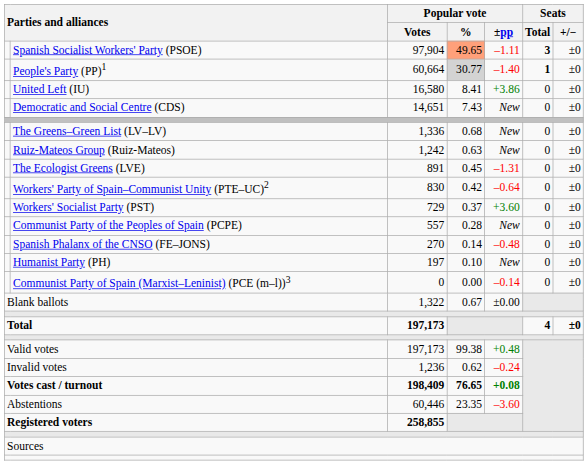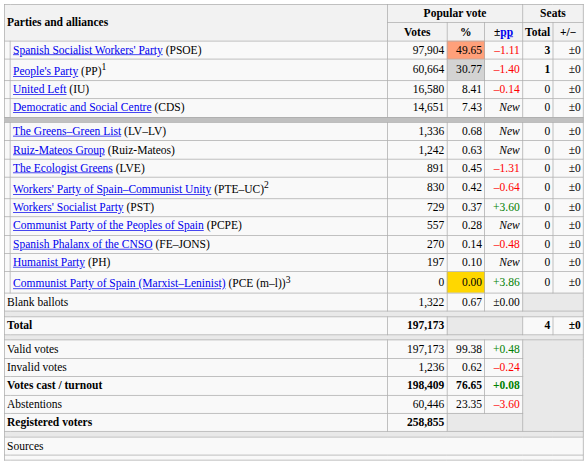 <table class="wikitable" style="text-align:right;">
 <tr>
 <th style="text-align:left;" rowspan="2" colspan="2" width="525">Parties and alliances</th>
 <th colspan="3">Popular vote</th>
 <th colspan="2">Seats</th>
 </tr>
 <tr>
 <th width="75">Votes</th>
 <th width="45">%</th>
 <th width="45">±<a href='#'>pp</a></th>
 <th width="35">Total</th>
 <th width="35">+/−</th>
 </tr>
 <tr>
 <td width="1" style="color:inherit;background:"></td>
 <td align="left"><a href='#'>Spanish Socialist Workers' Party</a> (PSOE)</td>
 <td>97,904</td>
 <td style="background: lightsalmon;">49.65</td>
 <td style="color:red;">–1.11</td>
 <td><strong>3</strong></td>
 <td>±0</td>
 </tr>
 <tr>
 <td style="color:inherit;background:"></td>
 <td align="left"><a href='#'>People's Party</a> (PP)<sup>1</sup></td>
 <td>60,664</td>
 <td style="background: lightgrey;">30.77</td>
 <td style="color:red;">–1.40</td>
 <td><strong>1</strong></td>
 <td>±0</td>
 </tr>
 <tr>
 <td style="color:inherit;background:"></td>
 <td align="left"><a href='#'>United Left</a> (IU)</td>
 <td>16,580</td>
 <td>8.41</td>
-<td style="color:green;">+3.86</td>
+<td style="color:red;">–0.14</td>
 <td>0</td>
 <td>±0</td>
 </tr>
 <tr>
 <td style="color:inherit;background:"></td>
 <td align="left"><a href='#'>Democratic and Social Centre</a> (CDS)</td>
 <td>14,651</td>
 <td>7.43</td>
 <td><em>New</em></td>
 <td>0</td>
 <td>±0</td>
 </tr>
 <tr>
 <td colspan="7" bgcolor="#C0C0C0"></td>
 </tr>
 <tr>
 <td style="color:inherit;background:"></td>
 <td align="left"><a href='#'>The Greens–Green List</a> (LV–LV)</td>
 <td>1,336</td>
 <td>0.68</td>
 <td><em>New</em></td>
 <td>0</td>
 <td>±0</td>
 </tr>
 <tr>
 <td style="color:inherit;background:"></td>
 <td align="left"><a href='#'>Ruiz-Mateos Group</a> (Ruiz-Mateos)</td>
 <td>1,242</td>
 <td>0.63</td>
 <td><em>New</em></td>
 <td>0</td>
 <td>±0</td>
 </tr>
 <tr>
 <td style="color:inherit;background:"></td>
 <td align="left"><a href='#'>The Ecologist Greens</a> (LVE)</td>
 <td>891</td>
 <td>0.45</td>
 <td style="color:red;">–1.31</td>
 <td>0</td>
 <td>±0</td>
 </tr>
 <tr>
 <td style="color:inherit;background:"></td>
 <td align="left"><a href='#'>Workers' Party of Spain–Communist Unity</a> (PTE–UC)<sup>2</sup></td>
 <td>830</td>
 <td>0.42</td>
 <td style="color:red;">–0.64</td>
 <td>0</td>
 <td>±0</td>
 </tr>
 <tr>
 <td style="color:inherit;background:"></td>
 <td align="left"><a href='#'>Workers' Socialist Party</a> (PST)</td>
 <td>729</td>
 <td>0.37</td>
 <td style="color:green;">+3.60</td>
 <td>0</td>
 <td>±0</td>
 </tr>
 <tr>
 <td style="color:inherit;background:"></td>
 <td align="left"><a href='#'>Communist Party of the Peoples of Spain</a> (PCPE)</td>
 <td>557</td>
 <td>0.28</td>
 <td><em>New</em></td>
 <td>0</td>
 <td>±0</td>
 </tr>
 <tr>
 <td style="color:inherit;background:"></td>
 <td align="left"><a href='#'>Spanish Phalanx of the CNSO</a> (FE–JONS)</td>
 <td>270</td>
 <td>0.14</td>
 <td style="color:red;">–0.48</td>
 <td>0</td>
 <td>±0</td>
 </tr>
 <tr>
 <td style="color:inherit;background:"></td>
 <td align="left"><a href='#'>Humanist Party</a> (PH)</td>
 <td>197</td>
 <td>0.10</td>
 <td><em>New</em></td>
 <td>0</td>
 <td>±0</td>
 </tr>
 <tr>
 <td style="color:inherit;background:"></td>
 <td align="left"><a href='#'>Communist Party of Spain (Marxist–Leninist)</a> (PCE (m–l))<sup>3</sup></td>
 <td>0</td>
-<td>0.00</td>
-<td style="color:red;">–0.14</td>
+<td style="background: gold;">0.00</td>
+<td style="color:green;">+3.86</td>
 <td>0</td>
 <td>±0</td>
 </tr>
 <tr>
 <td align="left" colspan="2">Blank ballots</td>
 <td>1,322</td>
 <td>0.67</td>
 <td>±0.00</td>
 <td bgcolor="#E9E9E9" colspan="2"></td>
 </tr>
 <tr>
 <td colspan="7" bgcolor="#E9E9E9"></td>
 </tr>
 <tr style="font-weight:bold;">
 <td align="left" colspan="2">Total</td>
 <td>197,173</td>
 <td bgcolor="#E9E9E9" colspan="2"></td>
 <td>4</td>
 <td>±0</td>
 </tr>
 <tr>
 <td colspan="7" bgcolor="#E9E9E9"></td>
 </tr>
 <tr>
 <td align="left" colspan="2">Valid votes</td>
 <td>197,173</td>
 <td>99.38</td>
 <td style="color:green;">+0.48</td>
 <td bgcolor="#E9E9E9" colspan="2" rowspan="5"></td>
 </tr>
 <tr>
 <td align="left" colspan="2">Invalid votes</td>
 <td>1,236</td>
 <td>0.62</td>
 <td style="color:red;">–0.24</td>
 </tr>
 <tr style="font-weight:bold;">
 <td align="left" colspan="2">Votes cast / turnout</td>
 <td>198,409</td>
 <td>76.65</td>
 <td style="color:green;">+0.08</td>
 </tr>
 <tr>
 <td align="left" colspan="2">Abstentions</td>
 <td>60,446</td>
 <td>23.35</td>
 <td style="color:red;">–3.60</td>
 </tr>
 <tr style="font-weight:bold;">
 <td align="left" colspan="2">Registered voters</td>
 <td>258,855</td>
 <td bgcolor="#E9E9E9" colspan="2"></td>
 </tr>
 <tr>
 <td colspan="7" bgcolor="#E9E9E9"></td>
 </tr>
 <tr>
 <td align="left" colspan="7">Sources</td>
 </tr>
 <tr>
 <td colspan="7" style="text-align:left; max-width:790px;"></td>
 </tr>
 </table>
